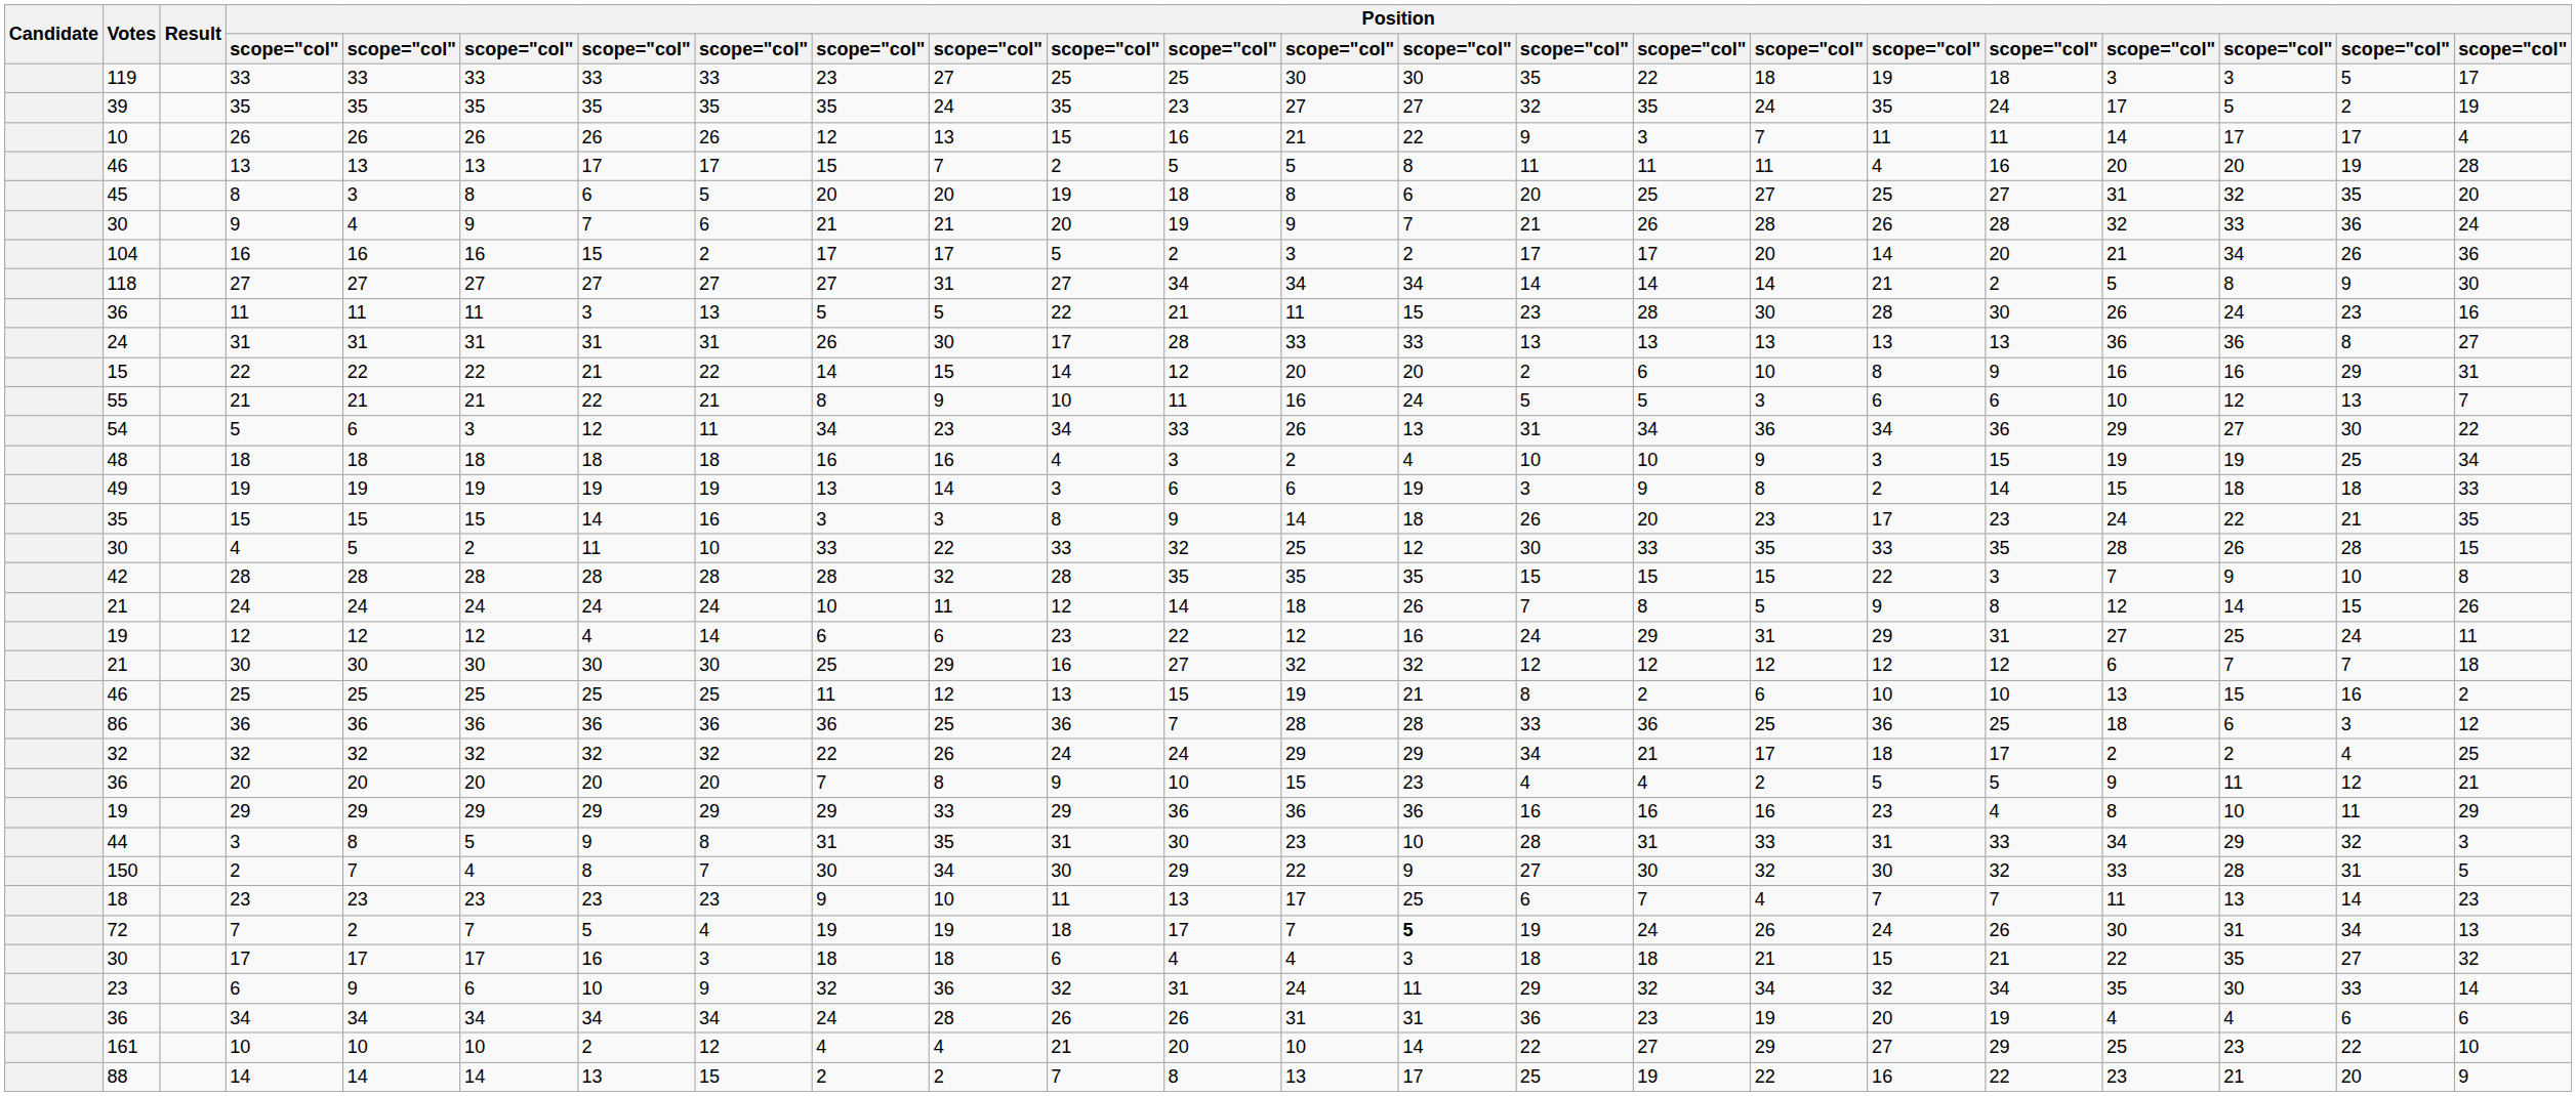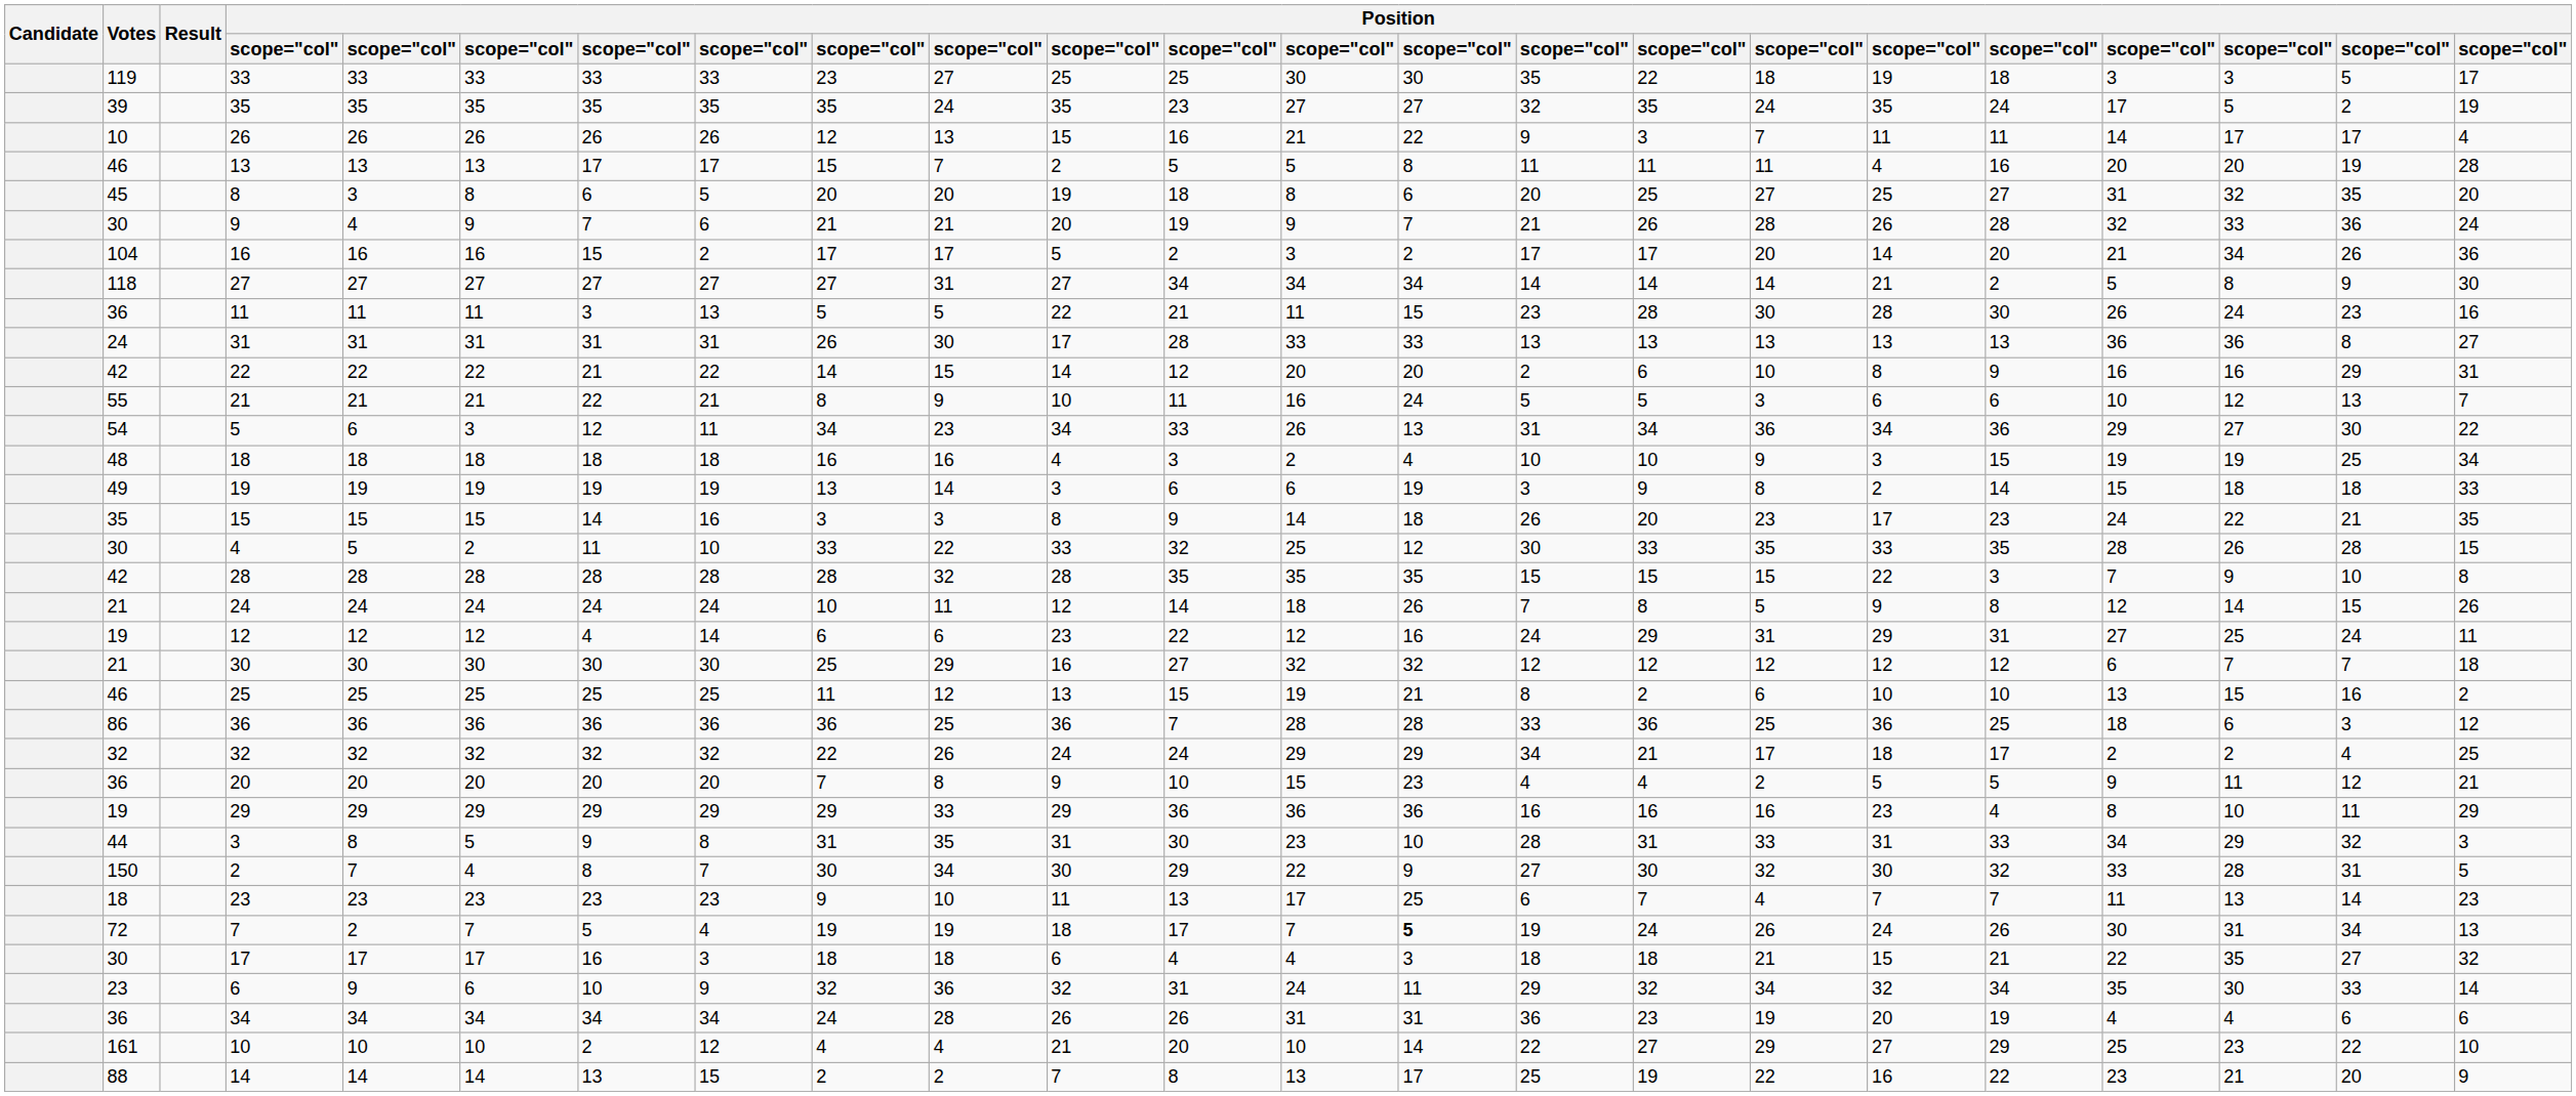 <table class="wikitable sortable defaultright col3left">
 <tr>
 <th scope="col" rowspan="2">Candidate</th>
 <th scope="col" rowspan="2">Votes</th>
 <th scope="col" rowspan="2">Result</th>
 <th scope="col" colspan="20">Position</th>
 </tr>
 <tr>
 <th>scope="col" </th>
 <th>scope="col" </th>
 <th>scope="col" </th>
 <th>scope="col" </th>
 <th>scope="col" </th>
 <th>scope="col" </th>
 <th>scope="col" </th>
 <th>scope="col" </th>
 <th>scope="col" </th>
 <th>scope="col" </th>
 <th>scope="col" </th>
 <th>scope="col" </th>
 <th>scope="col" </th>
 <th>scope="col" </th>
 <th>scope="col" </th>
 <th>scope="col" </th>
 <th>scope="col" </th>
 <th>scope="col" </th>
 <th>scope="col" </th>
 <th>scope="col" </th>
 </tr>
 <tr>
 <th scope="row"></th>
 <td>119</td>
 <td></td>
 <td>33</td>
 <td>33</td>
 <td>33</td>
 <td>33</td>
 <td>33</td>
 <td>23</td>
 <td>27</td>
 <td>25</td>
 <td>25</td>
 <td>30</td>
 <td>30</td>
 <td>35</td>
 <td>22</td>
 <td>18</td>
 <td>19</td>
 <td>18</td>
 <td>3</td>
 <td>3</td>
 <td>5</td>
 <td>17</td>
 </tr>
 <tr>
 <th scope="row"></th>
 <td>39</td>
 <td></td>
 <td>35</td>
 <td>35</td>
 <td>35</td>
 <td>35</td>
 <td>35</td>
 <td>35</td>
 <td>24</td>
 <td>35</td>
 <td>23</td>
 <td>27</td>
 <td>27</td>
 <td>32</td>
 <td>35</td>
 <td>24</td>
 <td>35</td>
 <td>24</td>
 <td>17</td>
 <td>5</td>
 <td>2</td>
 <td>19</td>
 </tr>
 <tr>
 <th scope="row"></th>
 <td>10</td>
 <td></td>
 <td>26</td>
 <td>26</td>
 <td>26</td>
 <td>26</td>
 <td>26</td>
 <td>12</td>
 <td>13</td>
 <td>15</td>
 <td>16</td>
 <td>21</td>
 <td>22</td>
 <td>9</td>
 <td>3</td>
 <td>7</td>
 <td>11</td>
 <td>11</td>
 <td>14</td>
 <td>17</td>
 <td>17</td>
 <td>4</td>
 </tr>
 <tr>
 <th scope="row"></th>
 <td>46</td>
 <td></td>
 <td>13</td>
 <td>13</td>
 <td>13</td>
 <td>17</td>
 <td>17</td>
 <td>15</td>
 <td>7</td>
 <td>2</td>
 <td>5</td>
 <td>5</td>
 <td>8</td>
 <td>11</td>
 <td>11</td>
 <td>11</td>
 <td>4</td>
 <td>16</td>
 <td>20</td>
 <td>20</td>
 <td>19</td>
 <td>28</td>
 </tr>
 <tr>
 <th scope="row"></th>
 <td>45</td>
 <td></td>
 <td>8</td>
 <td>3</td>
 <td>8</td>
 <td>6</td>
 <td>5</td>
 <td>20</td>
 <td>20</td>
 <td>19</td>
 <td>18</td>
 <td>8</td>
 <td>6</td>
 <td>20</td>
 <td>25</td>
 <td>27</td>
 <td>25</td>
 <td>27</td>
 <td>31</td>
 <td>32</td>
 <td>35</td>
 <td>20</td>
 </tr>
 <tr>
 <th scope="row"></th>
 <td>30</td>
 <td></td>
 <td>9</td>
 <td>4</td>
 <td>9</td>
 <td>7</td>
 <td>6</td>
 <td>21</td>
 <td>21</td>
 <td>20</td>
 <td>19</td>
 <td>9</td>
 <td>7</td>
 <td>21</td>
 <td>26</td>
 <td>28</td>
 <td>26</td>
 <td>28</td>
 <td>32</td>
 <td>33</td>
 <td>36</td>
 <td>24</td>
 </tr>
 <tr>
 <th scope="row"></th>
 <td>104</td>
 <td></td>
 <td>16</td>
 <td>16</td>
 <td>16</td>
 <td>15</td>
 <td>2</td>
 <td>17</td>
 <td>17</td>
 <td>5</td>
 <td>2</td>
 <td>3</td>
 <td>2</td>
 <td>17</td>
 <td>17</td>
 <td>20</td>
 <td>14</td>
 <td>20</td>
 <td>21</td>
 <td>34</td>
 <td>26</td>
 <td>36</td>
 </tr>
 <tr>
 <th scope="row"></th>
 <td>118</td>
 <td></td>
 <td>27</td>
 <td>27</td>
 <td>27</td>
 <td>27</td>
 <td>27</td>
 <td>27</td>
 <td>31</td>
 <td>27</td>
 <td>34</td>
 <td>34</td>
 <td>34</td>
 <td>14</td>
 <td>14</td>
 <td>14</td>
 <td>21</td>
 <td>2</td>
 <td>5</td>
 <td>8</td>
 <td>9</td>
 <td>30</td>
 </tr>
 <tr>
 <th scope="row"></th>
 <td>36</td>
 <td></td>
 <td>11</td>
 <td>11</td>
 <td>11</td>
 <td>3</td>
 <td>13</td>
 <td>5</td>
 <td>5</td>
 <td>22</td>
 <td>21</td>
 <td>11</td>
 <td>15</td>
 <td>23</td>
 <td>28</td>
 <td>30</td>
 <td>28</td>
 <td>30</td>
 <td>26</td>
 <td>24</td>
 <td>23</td>
 <td>16</td>
 </tr>
 <tr>
 <th scope="row"></th>
 <td>24</td>
 <td></td>
 <td>31</td>
 <td>31</td>
 <td>31</td>
 <td>31</td>
 <td>31</td>
 <td>26</td>
 <td>30</td>
 <td>17</td>
 <td>28</td>
 <td>33</td>
 <td>33</td>
 <td>13</td>
 <td>13</td>
 <td>13</td>
 <td>13</td>
 <td>13</td>
 <td>36</td>
 <td>36</td>
 <td>8</td>
 <td>27</td>
 </tr>
 <tr>
 <th scope="row"></th>
-<td>15</td>
+<td>42</td>
 <td></td>
 <td>22</td>
 <td>22</td>
 <td>22</td>
 <td>21</td>
 <td>22</td>
 <td>14</td>
 <td>15</td>
 <td>14</td>
 <td>12</td>
 <td>20</td>
 <td>20</td>
 <td>2</td>
 <td>6</td>
 <td>10</td>
 <td>8</td>
 <td>9</td>
 <td>16</td>
 <td>16</td>
 <td>29</td>
 <td>31</td>
 </tr>
 <tr>
 <th scope="row"></th>
 <td>55</td>
 <td></td>
 <td>21</td>
 <td>21</td>
 <td>21</td>
 <td>22</td>
 <td>21</td>
 <td>8</td>
 <td>9</td>
 <td>10</td>
 <td>11</td>
 <td>16</td>
 <td>24</td>
 <td>5</td>
 <td>5</td>
 <td>3</td>
 <td>6</td>
 <td>6</td>
 <td>10</td>
 <td>12</td>
 <td>13</td>
 <td>7</td>
 </tr>
 <tr>
 <th scope="row"></th>
 <td>54</td>
 <td></td>
 <td>5</td>
 <td>6</td>
 <td>3</td>
 <td>12</td>
 <td>11</td>
 <td>34</td>
 <td>23</td>
 <td>34</td>
 <td>33</td>
 <td>26</td>
 <td>13</td>
 <td>31</td>
 <td>34</td>
 <td>36</td>
 <td>34</td>
 <td>36</td>
 <td>29</td>
 <td>27</td>
 <td>30</td>
 <td>22</td>
 </tr>
 <tr>
 <th scope="row"></th>
 <td>48</td>
 <td></td>
 <td>18</td>
 <td>18</td>
 <td>18</td>
 <td>18</td>
 <td>18</td>
 <td>16</td>
 <td>16</td>
 <td>4</td>
 <td>3</td>
 <td>2</td>
 <td>4</td>
 <td>10</td>
 <td>10</td>
 <td>9</td>
 <td>3</td>
 <td>15</td>
 <td>19</td>
 <td>19</td>
 <td>25</td>
 <td>34</td>
 </tr>
 <tr>
 <th scope="row"></th>
 <td>49</td>
 <td></td>
 <td>19</td>
 <td>19</td>
 <td>19</td>
 <td>19</td>
 <td>19</td>
 <td>13</td>
 <td>14</td>
 <td>3</td>
 <td>6</td>
 <td>6</td>
 <td>19</td>
 <td>3</td>
 <td>9</td>
 <td>8</td>
 <td>2</td>
 <td>14</td>
 <td>15</td>
 <td>18</td>
 <td>18</td>
 <td>33</td>
 </tr>
 <tr>
 <th scope="row"></th>
 <td>35</td>
 <td></td>
 <td>15</td>
 <td>15</td>
 <td>15</td>
 <td>14</td>
 <td>16</td>
 <td>3</td>
 <td>3</td>
 <td>8</td>
 <td>9</td>
 <td>14</td>
 <td>18</td>
 <td>26</td>
 <td>20</td>
 <td>23</td>
 <td>17</td>
 <td>23</td>
 <td>24</td>
 <td>22</td>
 <td>21</td>
 <td>35</td>
 </tr>
 <tr>
 <th scope="row"></th>
 <td>30</td>
 <td></td>
 <td>4</td>
 <td>5</td>
 <td>2</td>
 <td>11</td>
 <td>10</td>
 <td>33</td>
 <td>22</td>
 <td>33</td>
 <td>32</td>
 <td>25</td>
 <td>12</td>
 <td>30</td>
 <td>33</td>
 <td>35</td>
 <td>33</td>
 <td>35</td>
 <td>28</td>
 <td>26</td>
 <td>28</td>
 <td>15</td>
 </tr>
 <tr>
 <th scope="row"></th>
 <td>42</td>
 <td></td>
 <td>28</td>
 <td>28</td>
 <td>28</td>
 <td>28</td>
 <td>28</td>
 <td>28</td>
 <td>32</td>
 <td>28</td>
 <td>35</td>
 <td>35</td>
 <td>35</td>
 <td>15</td>
 <td>15</td>
 <td>15</td>
 <td>22</td>
 <td>3</td>
 <td>7</td>
 <td>9</td>
 <td>10</td>
 <td>8</td>
 </tr>
 <tr>
 <th scope="row"></th>
 <td>21</td>
 <td></td>
 <td>24</td>
 <td>24</td>
 <td>24</td>
 <td>24</td>
 <td>24</td>
 <td>10</td>
 <td>11</td>
 <td>12</td>
 <td>14</td>
 <td>18</td>
 <td>26</td>
 <td>7</td>
 <td>8</td>
 <td>5</td>
 <td>9</td>
 <td>8</td>
 <td>12</td>
 <td>14</td>
 <td>15</td>
 <td>26</td>
 </tr>
 <tr>
 <th scope="row"></th>
 <td>19</td>
 <td></td>
 <td>12</td>
 <td>12</td>
 <td>12</td>
 <td>4</td>
 <td>14</td>
 <td>6</td>
 <td>6</td>
 <td>23</td>
 <td>22</td>
 <td>12</td>
 <td>16</td>
 <td>24</td>
 <td>29</td>
 <td>31</td>
 <td>29</td>
 <td>31</td>
 <td>27</td>
 <td>25</td>
 <td>24</td>
 <td>11</td>
 </tr>
 <tr>
 <th scope="row"></th>
 <td>21</td>
 <td></td>
 <td>30</td>
 <td>30</td>
 <td>30</td>
 <td>30</td>
 <td>30</td>
 <td>25</td>
 <td>29</td>
 <td>16</td>
 <td>27</td>
 <td>32</td>
 <td>32</td>
 <td>12</td>
 <td>12</td>
 <td>12</td>
 <td>12</td>
 <td>12</td>
 <td>6</td>
 <td>7</td>
 <td>7</td>
 <td>18</td>
 </tr>
 <tr>
 <th scope="row"></th>
 <td>46</td>
 <td></td>
 <td>25</td>
 <td>25</td>
 <td>25</td>
 <td>25</td>
 <td>25</td>
 <td>11</td>
 <td>12</td>
 <td>13</td>
 <td>15</td>
 <td>19</td>
 <td>21</td>
 <td>8</td>
 <td>2</td>
 <td>6</td>
 <td>10</td>
 <td>10</td>
 <td>13</td>
 <td>15</td>
 <td>16</td>
 <td>2</td>
 </tr>
 <tr>
 <th scope="row"></th>
 <td>86</td>
 <td></td>
 <td>36</td>
 <td>36</td>
 <td>36</td>
 <td>36</td>
 <td>36</td>
 <td>36</td>
 <td>25</td>
 <td>36</td>
 <td>7</td>
 <td>28</td>
 <td>28</td>
 <td>33</td>
 <td>36</td>
 <td>25</td>
 <td>36</td>
 <td>25</td>
 <td>18</td>
 <td>6</td>
 <td>3</td>
 <td>12</td>
 </tr>
 <tr>
 <th scope="row"></th>
 <td>32</td>
 <td></td>
 <td>32</td>
 <td>32</td>
 <td>32</td>
 <td>32</td>
 <td>32</td>
 <td>22</td>
 <td>26</td>
 <td>24</td>
 <td>24</td>
 <td>29</td>
 <td>29</td>
 <td>34</td>
 <td>21</td>
 <td>17</td>
 <td>18</td>
 <td>17</td>
 <td>2</td>
 <td>2</td>
 <td>4</td>
 <td>25</td>
 </tr>
 <tr>
 <th scope="row"></th>
 <td>36</td>
 <td></td>
 <td>20</td>
 <td>20</td>
 <td>20</td>
 <td>20</td>
 <td>20</td>
 <td>7</td>
 <td>8</td>
 <td>9</td>
 <td>10</td>
 <td>15</td>
 <td>23</td>
 <td>4</td>
 <td>4</td>
 <td>2</td>
 <td>5</td>
 <td>5</td>
 <td>9</td>
 <td>11</td>
 <td>12</td>
 <td>21</td>
 </tr>
 <tr>
 <th scope="row"></th>
 <td>19</td>
 <td></td>
 <td>29</td>
 <td>29</td>
 <td>29</td>
 <td>29</td>
 <td>29</td>
 <td>29</td>
 <td>33</td>
 <td>29</td>
 <td>36</td>
 <td>36</td>
 <td>36</td>
 <td>16</td>
 <td>16</td>
 <td>16</td>
 <td>23</td>
 <td>4</td>
 <td>8</td>
 <td>10</td>
 <td>11</td>
 <td>29</td>
 </tr>
 <tr>
 <th scope="row"></th>
 <td>44</td>
 <td></td>
 <td>3</td>
 <td>8</td>
 <td>5</td>
 <td>9</td>
 <td>8</td>
 <td>31</td>
 <td>35</td>
 <td>31</td>
 <td>30</td>
 <td>23</td>
 <td>10</td>
 <td>28</td>
 <td>31</td>
 <td>33</td>
 <td>31</td>
 <td>33</td>
 <td>34</td>
 <td>29</td>
 <td>32</td>
 <td>3</td>
 </tr>
 <tr>
 <th scope="row"></th>
 <td>150</td>
 <td></td>
 <td>2</td>
 <td>7</td>
 <td>4</td>
 <td>8</td>
 <td>7</td>
 <td>30</td>
 <td>34</td>
 <td>30</td>
 <td>29</td>
 <td>22</td>
 <td>9</td>
 <td>27</td>
 <td>30</td>
 <td>32</td>
 <td>30</td>
 <td>32</td>
 <td>33</td>
 <td>28</td>
 <td>31</td>
 <td>5</td>
 </tr>
 <tr>
 <th scope="row"></th>
 <td>18</td>
 <td></td>
 <td>23</td>
 <td>23</td>
 <td>23</td>
 <td>23</td>
 <td>23</td>
 <td>9</td>
 <td>10</td>
 <td>11</td>
 <td>13</td>
 <td>17</td>
 <td>25</td>
 <td>6</td>
 <td>7</td>
 <td>4</td>
 <td>7</td>
 <td>7</td>
 <td>11</td>
 <td>13</td>
 <td>14</td>
 <td>23</td>
 </tr>
 <tr>
 <th scope="row"></th>
 <td>72</td>
 <td></td>
 <td>7</td>
 <td>2</td>
 <td>7</td>
 <td>5</td>
 <td>4</td>
 <td>19</td>
 <td>19</td>
 <td>18</td>
 <td>17</td>
 <td>7</td>
 <td><strong>5</strong></td>
 <td>19</td>
 <td>24</td>
 <td>26</td>
 <td>24</td>
 <td>26</td>
 <td>30</td>
 <td>31</td>
 <td>34</td>
 <td>13</td>
 </tr>
 <tr>
 <th scope="row"></th>
 <td>30</td>
 <td></td>
 <td>17</td>
 <td>17</td>
 <td>17</td>
 <td>16</td>
 <td>3</td>
 <td>18</td>
 <td>18</td>
 <td>6</td>
 <td>4</td>
 <td>4</td>
 <td>3</td>
 <td>18</td>
 <td>18</td>
 <td>21</td>
 <td>15</td>
 <td>21</td>
 <td>22</td>
 <td>35</td>
 <td>27</td>
 <td>32</td>
 </tr>
 <tr>
 <th scope="row"></th>
 <td>23</td>
 <td></td>
 <td>6</td>
 <td>9</td>
 <td>6</td>
 <td>10</td>
 <td>9</td>
 <td>32</td>
 <td>36</td>
 <td>32</td>
 <td>31</td>
 <td>24</td>
 <td>11</td>
 <td>29</td>
 <td>32</td>
 <td>34</td>
 <td>32</td>
 <td>34</td>
 <td>35</td>
 <td>30</td>
 <td>33</td>
 <td>14</td>
 </tr>
 <tr>
 <th scope="row"></th>
 <td>36</td>
 <td></td>
 <td>34</td>
 <td>34</td>
 <td>34</td>
 <td>34</td>
 <td>34</td>
 <td>24</td>
 <td>28</td>
 <td>26</td>
 <td>26</td>
 <td>31</td>
 <td>31</td>
 <td>36</td>
 <td>23</td>
 <td>19</td>
 <td>20</td>
 <td>19</td>
 <td>4</td>
 <td>4</td>
 <td>6</td>
 <td>6</td>
 </tr>
 <tr>
 <th scope="row"></th>
 <td>161</td>
 <td></td>
 <td>10</td>
 <td>10</td>
 <td>10</td>
 <td>2</td>
 <td>12</td>
 <td>4</td>
 <td>4</td>
 <td>21</td>
 <td>20</td>
 <td>10</td>
 <td>14</td>
 <td>22</td>
 <td>27</td>
 <td>29</td>
 <td>27</td>
 <td>29</td>
 <td>25</td>
 <td>23</td>
 <td>22</td>
 <td>10</td>
 </tr>
 <tr>
 <th scope="row"></th>
 <td>88</td>
 <td></td>
 <td>14</td>
 <td>14</td>
 <td>14</td>
 <td>13</td>
 <td>15</td>
 <td>2</td>
 <td>2</td>
 <td>7</td>
 <td>8</td>
 <td>13</td>
 <td>17</td>
 <td>25</td>
 <td>19</td>
 <td>22</td>
 <td>16</td>
 <td>22</td>
 <td>23</td>
 <td>21</td>
 <td>20</td>
 <td>9</td>
 </tr>
 </table>
